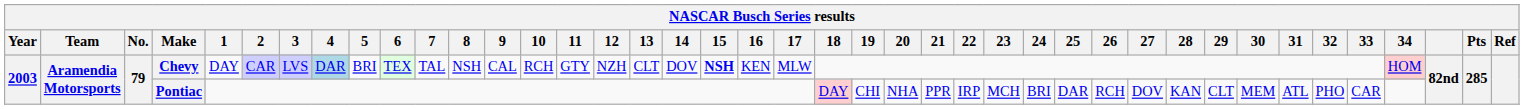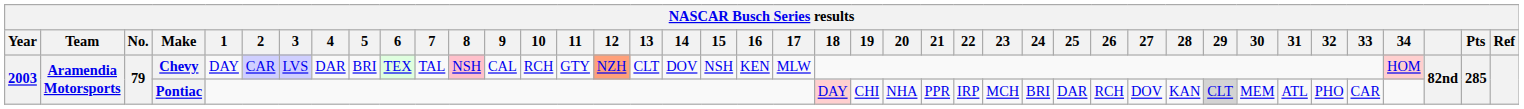 <table class="wikitable" style="text-align:center; font-size:75%">
 <tr>
 <th colspan=42><a href='#'>NASCAR Busch Series</a> results</th>
 </tr>
 <tr>
 <th>Year</th>
 <th>Team</th>
 <th>No.</th>
 <th>Make</th>
 <th>1</th>
 <th>2</th>
 <th>3</th>
 <th>4</th>
 <th>5</th>
 <th>6</th>
 <th>7</th>
 <th>8</th>
 <th>9</th>
 <th>10</th>
 <th>11</th>
 <th>12</th>
 <th>13</th>
 <th>14</th>
 <th>15</th>
 <th>16</th>
 <th>17</th>
 <th>18</th>
 <th>19</th>
 <th>20</th>
 <th>21</th>
 <th>22</th>
 <th>23</th>
 <th>24</th>
 <th>25</th>
 <th>26</th>
 <th>27</th>
 <th>28</th>
 <th>29</th>
 <th>30</th>
 <th>31</th>
 <th>32</th>
 <th>33</th>
 <th>34</th>
 <th></th>
 <th>Pts</th>
 <th>Ref</th>
 </tr>
 <tr>
 <th rowspan=2><a href='#'>2003</a></th>
 <th rowspan=2><a href='#'>Aramendia Motorsports</a></th>
 <th rowspan=2>79</th>
 <th><a href='#'>Chevy</a></th>
 <td><a href='#'>DAY</a></td>
 <td style="background:#CFCFFF;"><a href='#'>CAR</a><br></td>
 <td style="background:#CFCFFF;"><a href='#'>LVS</a><br></td>
-<td style="background: lightblue;"><a href='#'>DAR</a></td>
+<td><a href='#'>DAR</a></td>
 <td><a href='#'>BRI</a></td>
 <td style="background:#DFFFDF;"><a href='#'>TEX</a><br></td>
 <td><a href='#'>TAL</a></td>
-<td><a href='#'>NSH</a></td>
+<td style="background: pink;"><a href='#'>NSH</a></td>
 <td><a href='#'>CAL</a></td>
 <td><a href='#'>RCH</a></td>
 <td><a href='#'>GTY</a></td>
-<td><a href='#'>NZH</a></td>
+<td style="background: lightsalmon;"><a href='#'>NZH</a></td>
 <td><a href='#'>CLT</a></td>
 <td><a href='#'>DOV</a></td>
-<td><strong><a href='#'>NSH</a></strong></td>
+<td><a href='#'>NSH</a></td>
 <td><a href='#'>KEN</a></td>
 <td><a href='#'>MLW</a></td>
 <td colspan=16></td>
 <td style="background:#FFCFCF;"><a href='#'>HOM</a><br></td>
 <th rowspan=2>82nd</th>
 <th rowspan=2>285</th>
 <th rowspan=2></th>
 </tr>
 <tr>
 <th><a href='#'>Pontiac</a></th>
 <td colspan=17></td>
 <td style="background:#FFCFCF;"><a href='#'>DAY</a><br></td>
 <td><a href='#'>CHI</a></td>
 <td><a href='#'>NHA</a></td>
 <td><a href='#'>PPR</a></td>
 <td><a href='#'>IRP</a></td>
 <td><a href='#'>MCH</a></td>
 <td><a href='#'>BRI</a></td>
 <td><a href='#'>DAR</a></td>
 <td><a href='#'>RCH</a></td>
 <td><a href='#'>DOV</a></td>
 <td><a href='#'>KAN</a></td>
-<td><a href='#'>CLT</a></td>
+<td style="background: lightgrey;"><a href='#'>CLT</a></td>
 <td><a href='#'>MEM</a></td>
 <td><a href='#'>ATL</a></td>
 <td><a href='#'>PHO</a></td>
 <td><a href='#'>CAR</a></td>
 <td></td>
 </tr>
 </table>
